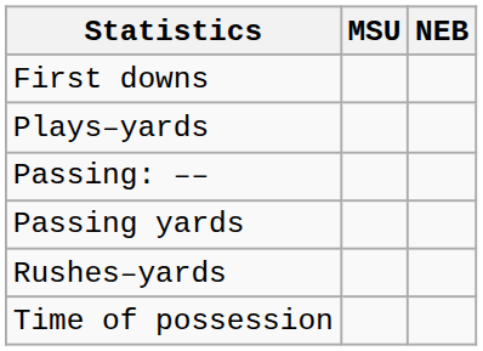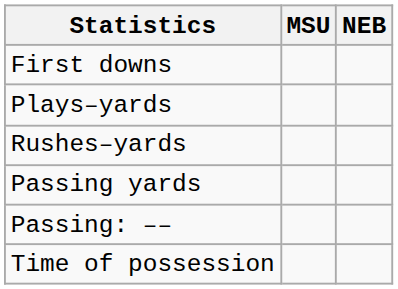 <table class="wikitable" style="float:left">
 <tr>
 <th>Statistics</th>
 <th>MSU</th>
 <th>NEB</th>
 </tr>
 <tr>
 <td>First downs</td>
 <td></td>
 <td></td>
 </tr>
 <tr>
 <td>Plays–yards</td>
 <td></td>
 <td></td>
 </tr>
 <tr>
-<td>Passing: ––</td>
+<td>Rushes–yards</td>
 <td></td>
 <td></td>
 </tr>
 <tr>
 <td>Passing yards</td>
 <td></td>
 <td></td>
 </tr>
 <tr>
-<td>Rushes–yards</td>
+<td>Passing: ––</td>
 <td></td>
 <td></td>
 </tr>
 <tr>
 <td>Time of possession</td>
 <td></td>
 <td></td>
 </tr>
 </table>
